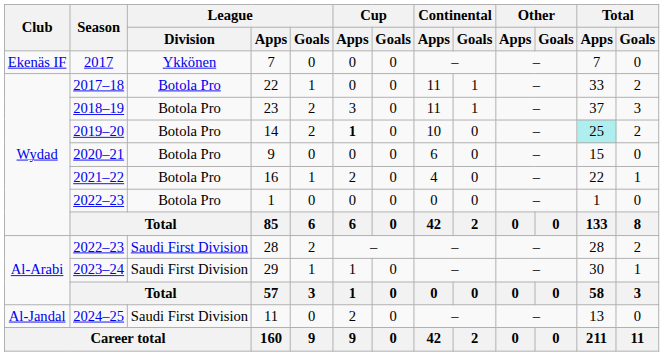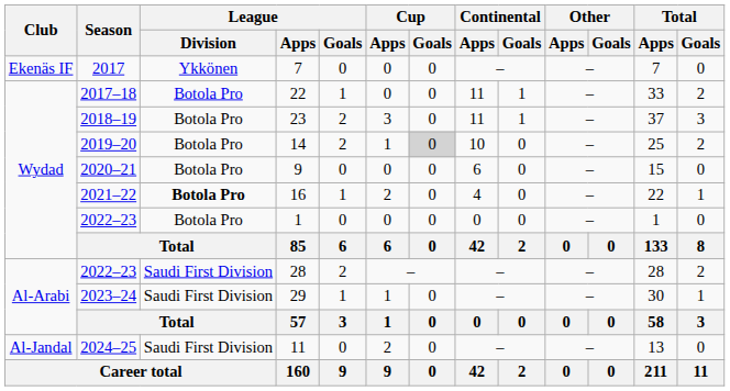 <table class="wikitable" style="text-align:center">
 <tr>
 <th rowspan="2">Club</th>
 <th rowspan="2">Season</th>
 <th colspan="3">League</th>
 <th colspan="2">Cup</th>
 <th colspan="2">Continental</th>
 <th colspan="2">Other</th>
 <th colspan="2">Total</th>
 </tr>
 <tr>
 <th>Division</th>
 <th>Apps</th>
 <th>Goals</th>
 <th>Apps</th>
 <th>Goals</th>
 <th>Apps</th>
 <th>Goals</th>
 <th>Apps</th>
 <th>Goals</th>
 <th>Apps</th>
 <th>Goals</th>
 </tr>
 <tr>
 <td><a href='#'>Ekenäs IF</a></td>
 <td><a href='#'>2017</a></td>
 <td><a href='#'>Ykkönen</a></td>
 <td>7</td>
 <td>0</td>
 <td>0</td>
 <td>0</td>
 <td colspan="2">–</td>
 <td colspan="2">–</td>
 <td>7</td>
 <td>0</td>
 </tr>
 <tr>
 <td rowspan="7"><a href='#'>Wydad</a></td>
 <td><a href='#'>2017–18</a></td>
 <td><a href='#'>Botola Pro</a></td>
 <td>22</td>
 <td>1</td>
 <td>0</td>
 <td>0</td>
 <td>11</td>
 <td>1</td>
 <td colspan="2">–</td>
 <td>33</td>
 <td>2</td>
 </tr>
 <tr>
 <td><a href='#'>2018–19</a></td>
 <td>Botola Pro</td>
 <td>23</td>
 <td>2</td>
 <td>3</td>
 <td>0</td>
 <td>11</td>
 <td>1</td>
 <td colspan="2">–</td>
 <td>37</td>
 <td>3</td>
 </tr>
 <tr>
 <td><a href='#'>2019–20</a></td>
 <td>Botola Pro</td>
 <td>14</td>
 <td>2</td>
-<td><strong>1</strong></td>
-<td>0</td>
+<td>1</td>
+<td style="background: lightgrey;">0</td>
 <td>10</td>
 <td>0</td>
 <td colspan="2">–</td>
-<td style="background: paleturquoise;">25</td>
+<td>25</td>
 <td>2</td>
 </tr>
 <tr>
 <td><a href='#'>2020–21</a></td>
 <td>Botola Pro</td>
 <td>9</td>
 <td>0</td>
 <td>0</td>
 <td>0</td>
 <td>6</td>
 <td>0</td>
 <td colspan="2">–</td>
 <td>15</td>
 <td>0</td>
 </tr>
 <tr>
 <td><a href='#'>2021–22</a></td>
-<td>Botola Pro</td>
+<td><strong>Botola Pro</strong></td>
 <td>16</td>
 <td>1</td>
 <td>2</td>
 <td>0</td>
 <td>4</td>
 <td>0</td>
 <td colspan="2">–</td>
 <td>22</td>
 <td>1</td>
 </tr>
 <tr>
 <td><a href='#'>2022–23</a></td>
 <td>Botola Pro</td>
 <td>1</td>
 <td>0</td>
 <td>0</td>
 <td>0</td>
 <td>0</td>
 <td>0</td>
 <td colspan="2">–</td>
 <td>1</td>
 <td>0</td>
 </tr>
 <tr>
 <th colspan="2">Total</th>
 <th>85</th>
 <th>6</th>
 <th>6</th>
 <th>0</th>
 <th>42</th>
 <th>2</th>
 <th>0</th>
 <th>0</th>
 <th>133</th>
 <th>8</th>
 </tr>
 <tr>
 <td rowspan="3"><a href='#'>Al-Arabi</a></td>
 <td><a href='#'>2022–23</a></td>
 <td><a href='#'>Saudi First Division</a></td>
 <td>28</td>
 <td>2</td>
 <td colspan="2">–</td>
 <td colspan="2">–</td>
 <td colspan="2">–</td>
 <td>28</td>
 <td>2</td>
 </tr>
 <tr>
 <td><a href='#'>2023–24</a></td>
 <td>Saudi First Division</td>
 <td>29</td>
 <td>1</td>
 <td>1</td>
 <td>0</td>
 <td colspan="2">–</td>
 <td colspan="2">–</td>
 <td>30</td>
 <td>1</td>
 </tr>
 <tr>
 <th colspan="2">Total</th>
 <th>57</th>
 <th>3</th>
 <th>1</th>
 <th>0</th>
 <th>0</th>
 <th>0</th>
 <th>0</th>
 <th>0</th>
 <th>58</th>
 <th>3</th>
 </tr>
 <tr>
 <td><a href='#'>Al-Jandal</a></td>
 <td><a href='#'>2024–25</a></td>
 <td>Saudi First Division</td>
 <td>11</td>
 <td>0</td>
 <td>2</td>
 <td>0</td>
 <td colspan="2">–</td>
 <td colspan="2">–</td>
 <td>13</td>
 <td>0</td>
 </tr>
 <tr>
 <th colspan="3">Career total</th>
 <th>160</th>
 <th>9</th>
 <th>9</th>
 <th>0</th>
 <th>42</th>
 <th>2</th>
 <th>0</th>
 <th>0</th>
 <th>211</th>
 <th>11</th>
 </tr>
 </table>
